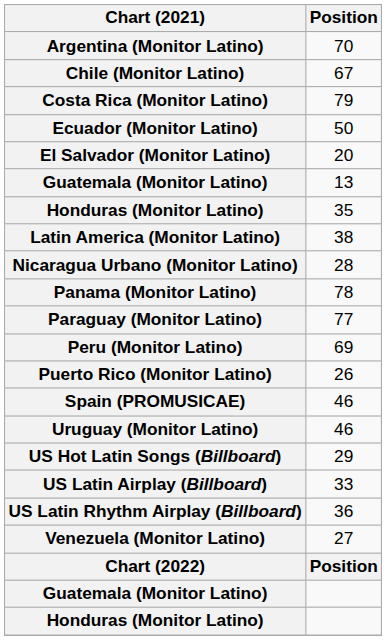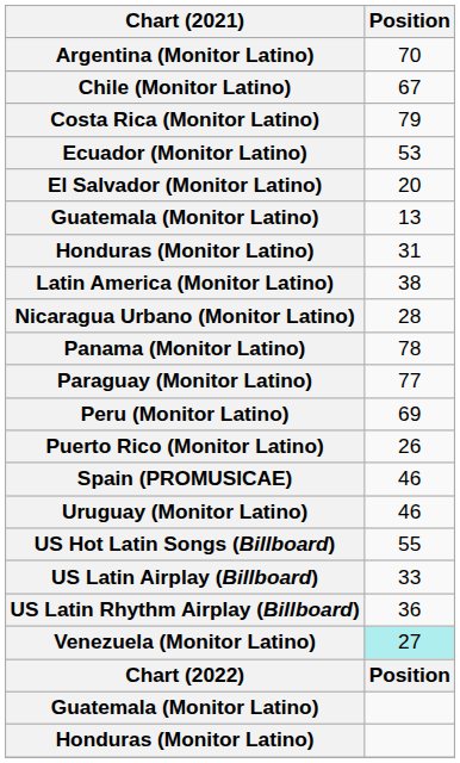 <table class="wikitable sortable plainrowheaders" style="text-align:center">
 <tr>
 <th scope="col">Chart (2021)</th>
 <th scope="col">Position</th>
 </tr>
 <tr>
 <th scope="row">Argentina (Monitor Latino)</th>
 <td>70</td>
 </tr>
 <tr>
 <th scope="row">Chile (Monitor Latino)</th>
 <td>67</td>
 </tr>
 <tr>
 <th scope="row">Costa Rica (Monitor Latino)</th>
 <td>79</td>
 </tr>
 <tr>
 <th scope="row">Ecuador (Monitor Latino)</th>
-<td>50</td>
+<td>53</td>
 </tr>
 <tr>
 <th scope="row">El Salvador (Monitor Latino)</th>
 <td>20</td>
 </tr>
 <tr>
 <th scope="row">Guatemala (Monitor Latino)</th>
 <td>13</td>
 </tr>
 <tr>
 <th scope="row">Honduras (Monitor Latino)</th>
-<td>35</td>
+<td>31</td>
 </tr>
 <tr>
 <th scope="row">Latin America (Monitor Latino)</th>
 <td>38</td>
 </tr>
 <tr>
 <th scope="row">Nicaragua Urbano (Monitor Latino)</th>
 <td>28</td>
 </tr>
 <tr>
 <th scope="row">Panama (Monitor Latino)</th>
 <td>78</td>
 </tr>
 <tr>
 <th scope="row">Paraguay (Monitor Latino)</th>
 <td>77</td>
 </tr>
 <tr>
 <th scope="row">Peru (Monitor Latino)</th>
 <td>69</td>
 </tr>
 <tr>
 <th scope="row">Puerto Rico (Monitor Latino)</th>
 <td>26</td>
 </tr>
 <tr>
 <th scope="row">Spain (PROMUSICAE)</th>
 <td>46</td>
 </tr>
 <tr>
 <th scope="row">Uruguay (Monitor Latino)</th>
 <td>46</td>
 </tr>
 <tr>
 <th scope="row">US Hot Latin Songs (<em>Billboard</em>)</th>
-<td>29</td>
+<td>55</td>
 </tr>
 <tr>
 <th scope="row">US Latin Airplay (<em>Billboard</em>)</th>
 <td>33</td>
 </tr>
 <tr>
 <th scope="row">US Latin Rhythm Airplay (<em>Billboard</em>)</th>
 <td>36</td>
 </tr>
 <tr>
 <th scope="row">Venezuela (Monitor Latino)</th>
-<td>27</td>
+<td style="background: paleturquoise;">27</td>
 </tr>
 <tr>
 <th scope="col">Chart (2022)</th>
 <th scope="col">Position</th>
 </tr>
 <tr>
 <th scope="row">Guatemala (Monitor Latino)</th>
 <td></td>
 </tr>
 <tr>
 <th scope="row">Honduras (Monitor Latino)</th>
 <td></td>
 </tr>
 <tr>
 </tr>
 </table>
